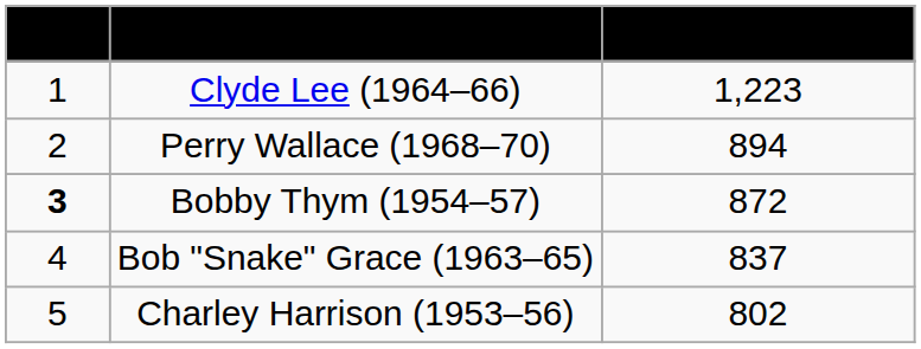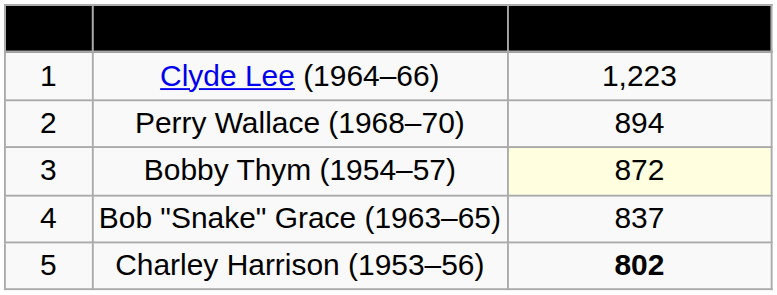 <table class="wikitable" style="text-align: center;">
 <tr>
 <td bgcolor="black"><span><strong>Rank</strong></span></td>
 <td bgcolor="black"><span><strong>Player</strong></span></td>
 <td bgcolor="black"><span><strong>Career Rebounds</strong></span></td>
 </tr>
 <tr align="center">
 </tr>
 <tr>
 <td>1</td>
 <td><a href='#'>Clyde Lee</a> (1964–66)</td>
 <td>1,223</td>
 </tr>
 <tr>
 <td>2</td>
 <td>Perry Wallace (1968–70)</td>
 <td>894</td>
 </tr>
 <tr>
-<td><strong>3</strong></td>
+<td>3</td>
 <td>Bobby Thym (1954–57)</td>
-<td>872</td>
+<td style="background: lightyellow;">872</td>
 </tr>
 <tr>
 <td>4</td>
 <td>Bob "Snake" Grace (1963–65)</td>
 <td>837</td>
 </tr>
 <tr>
 <td>5</td>
 <td>Charley Harrison (1953–56)</td>
-<td>802</td>
+<td><strong>802</strong></td>
 </tr>
 </table>
